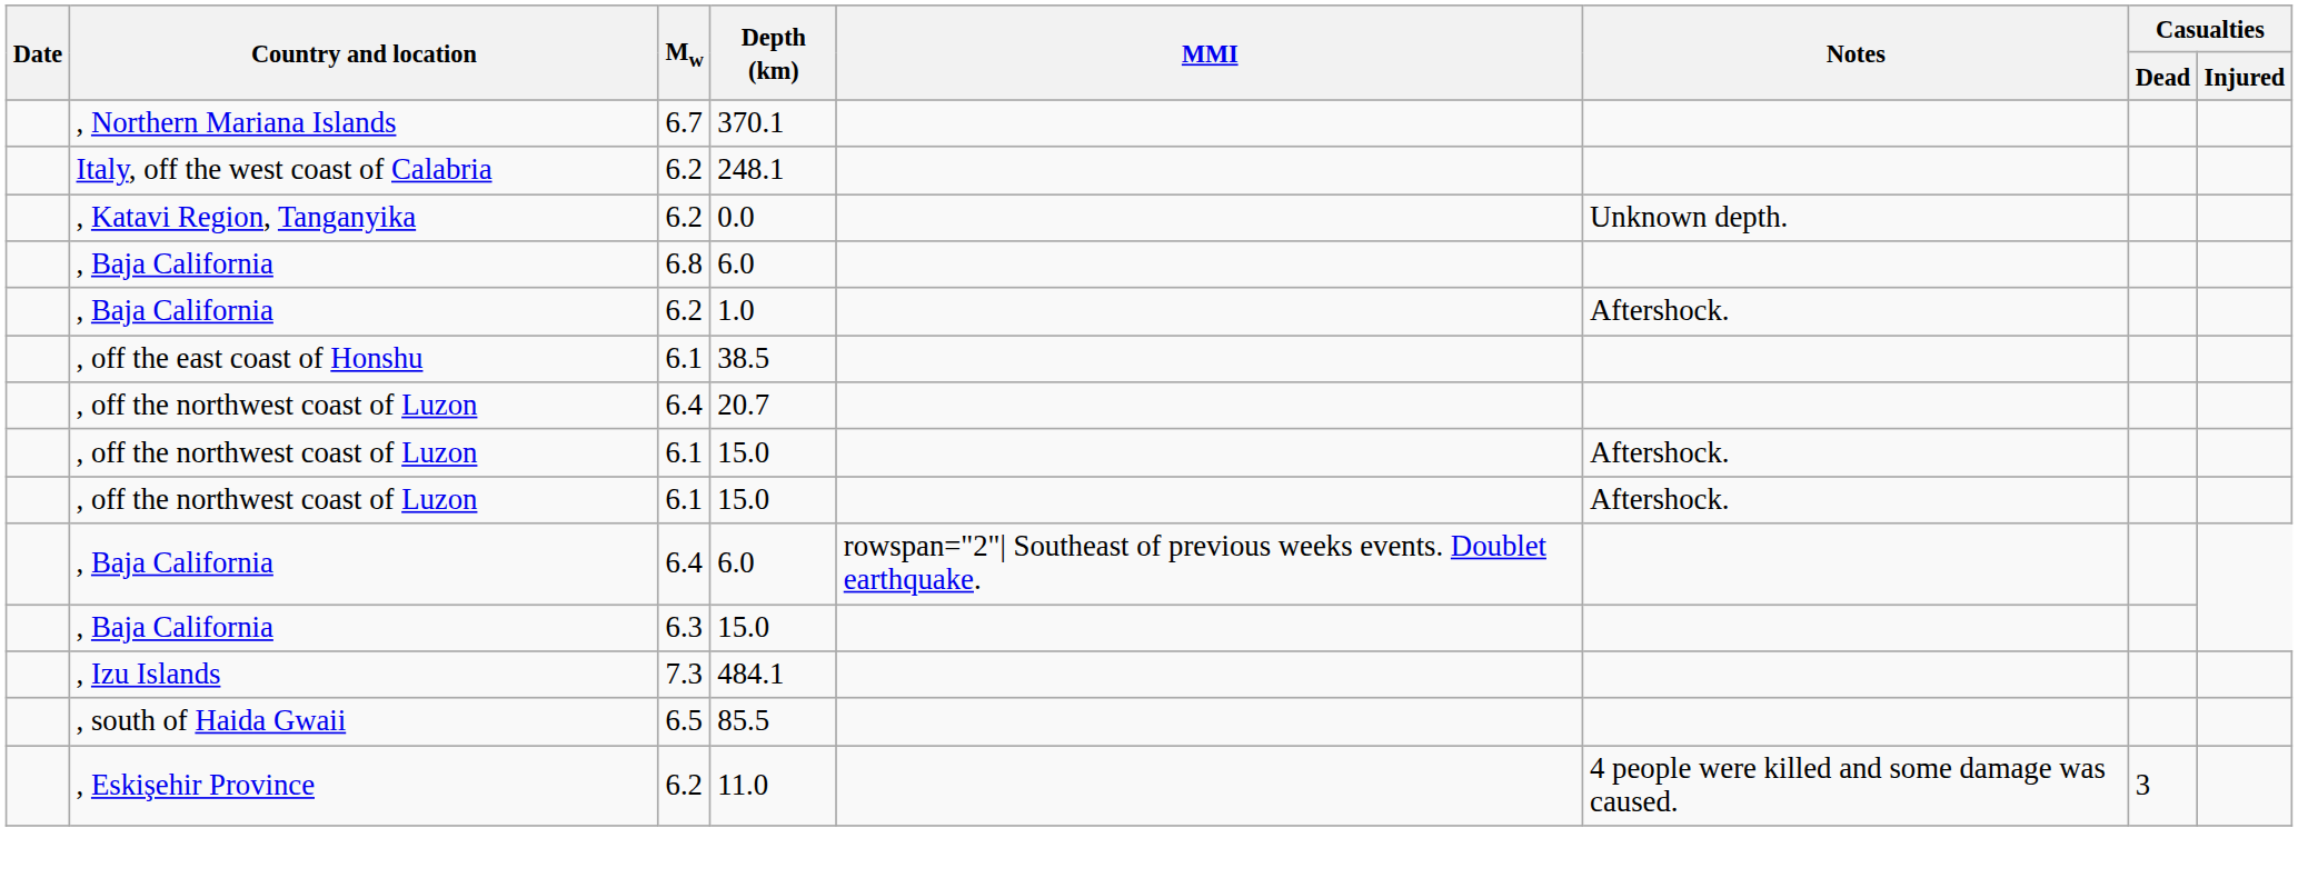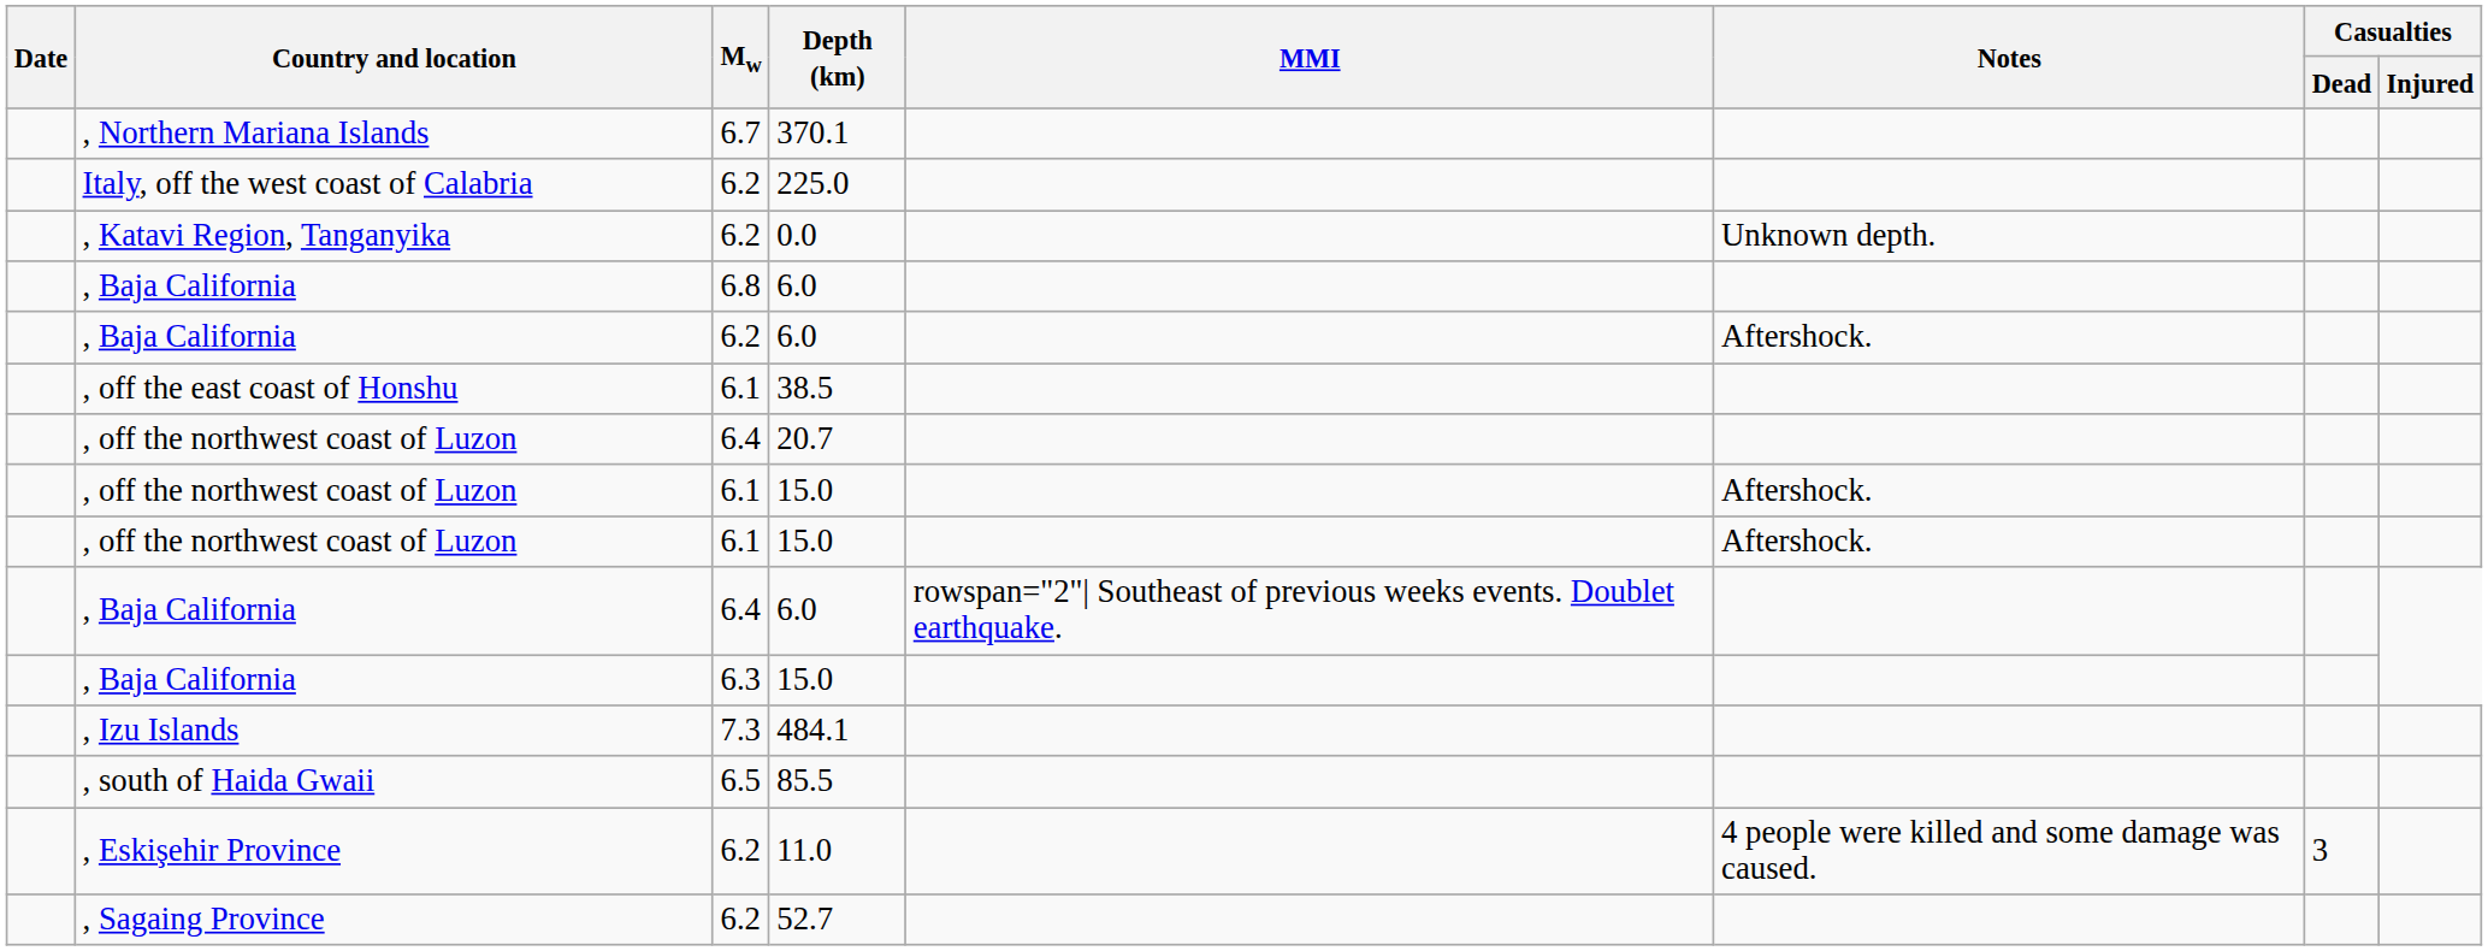 <table class="wikitable sortable sort-under" style="border:1px black; margin-left:1em;">
 <tr>
 <th rowspan="2"><small>Date</small></th>
 <th rowspan="2" style="width: 310px"><small>Country and location</small></th>
 <th rowspan="2"><small>M<sub>w</sub></small></th>
 <th rowspan="2"><small>Depth (km)</small></th>
 <th rowspan="2"><small><a href='#'>MMI</a></small></th>
 <th rowspan="2" class="unsortable"><small>Notes</small></th>
 <th colspan="2"><small>Casualties</small></th>
 </tr>
 <tr>
 <th><small>Dead</small></th>
 <th><small>Injured</small></th>
 </tr>
 <tr>
 <td></td>
 <td>, <a href='#'>Northern Mariana Islands</a></td>
 <td>6.7</td>
 <td>370.1</td>
 <td></td>
 <td></td>
 <td></td>
 <td></td>
 </tr>
 <tr>
 <td></td>
 <td> <a href='#'>Italy</a>, off the west coast of <a href='#'>Calabria</a></td>
 <td>6.2</td>
-<td>248.1</td>
+<td>225.0</td>
 <td></td>
 <td></td>
 <td></td>
 <td></td>
 </tr>
 <tr>
 <td></td>
 <td>, <a href='#'>Katavi Region</a>, <a href='#'>Tanganyika</a></td>
 <td>6.2</td>
 <td>0.0</td>
 <td></td>
 <td>Unknown depth.</td>
 <td></td>
 <td></td>
 </tr>
 <tr>
 <td></td>
 <td>, <a href='#'>Baja California</a></td>
 <td>6.8</td>
 <td>6.0</td>
 <td></td>
 <td></td>
 <td></td>
 <td></td>
 </tr>
 <tr>
 <td></td>
 <td>, <a href='#'>Baja California</a></td>
 <td>6.2</td>
-<td>1.0</td>
+<td>6.0</td>
 <td></td>
 <td>Aftershock.</td>
 <td></td>
 <td></td>
 </tr>
 <tr>
 <td></td>
 <td>, off the east coast of <a href='#'>Honshu</a></td>
 <td>6.1</td>
 <td>38.5</td>
 <td></td>
 <td></td>
 <td></td>
 <td></td>
 </tr>
 <tr>
 <td></td>
 <td>, off the northwest coast of <a href='#'>Luzon</a></td>
 <td>6.4</td>
 <td>20.7</td>
 <td></td>
 <td></td>
 <td></td>
 <td></td>
 </tr>
 <tr>
 <td></td>
 <td>, off the northwest coast of <a href='#'>Luzon</a></td>
 <td>6.1</td>
 <td>15.0</td>
 <td></td>
 <td>Aftershock.</td>
 <td></td>
 <td></td>
 </tr>
 <tr>
 <td></td>
 <td>, off the northwest coast of <a href='#'>Luzon</a></td>
 <td>6.1</td>
 <td>15.0</td>
 <td></td>
 <td>Aftershock.</td>
 <td></td>
 <td></td>
 </tr>
 <tr>
 <td></td>
 <td>, <a href='#'>Baja California</a></td>
 <td>6.4</td>
 <td>6.0</td>
 <td>rowspan="2"| Southeast of previous weeks events. <a href='#'>Doublet earthquake</a>.</td>
 <td></td>
 <td></td>
 </tr>
 <tr>
 <td></td>
 <td>, <a href='#'>Baja California</a></td>
 <td>6.3</td>
 <td>15.0</td>
 <td></td>
 <td></td>
 <td></td>
 </tr>
 <tr>
 <td></td>
 <td>, <a href='#'>Izu Islands</a></td>
 <td>7.3</td>
 <td>484.1</td>
 <td></td>
 <td></td>
 <td></td>
 <td></td>
 </tr>
 <tr>
 <td></td>
 <td>, south of <a href='#'>Haida Gwaii</a></td>
 <td>6.5</td>
 <td>85.5</td>
 <td></td>
 <td></td>
 <td></td>
 <td></td>
 </tr>
 <tr>
 <td></td>
 <td>, <a href='#'>Eskişehir Province</a></td>
 <td>6.2</td>
 <td>11.0</td>
 <td></td>
 <td>4 people were killed and some damage was caused.</td>
 <td>3</td>
 <td></td>
 </tr>
+<tr>
+<td></td>
+<td>, <a href='#'>Sagaing Province</a></td>
+<td>6.2</td>
+<td>52.7</td>
+<td></td>
+<td></td>
+<td></td>
+<td></td>
+</tr>
 </table>
